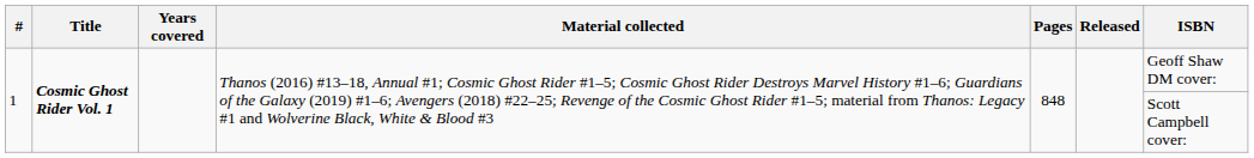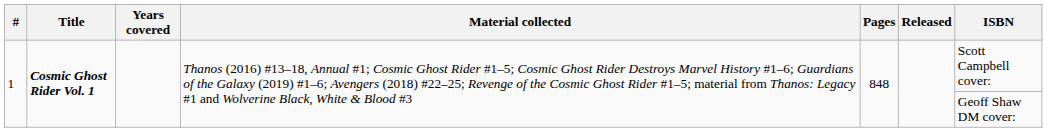 <table class="wikitable sortable" width="99%">
 <tr>
 <th class="unsortable" width="20px">#</th>
 <th>Title</th>
 <th>Years covered</th>
 <th class="unsortable">Material collected</th>
 <th>Pages</th>
 <th>Released</th>
 <th class="unsortable">ISBN</th>
 </tr>
 <tr>
 <td rowspan="2">1</td>
 <td rowspan="2"><strong><em>Cosmic Ghost Rider Vol. 1</em></strong></td>
 <td rowspan="2"></td>
 <td rowspan="2"><em>Thanos</em> (2016) #13–18, <em>Annual</em> #1; <em>Cosmic Ghost Rider</em> #1–5; <em>Cosmic Ghost Rider Destroys Marvel History</em> #1–6; <em>Guardians of the Galaxy</em> (2019) #1–6; <em>Avengers</em> (2018) #22–25; <em>Revenge of the Cosmic Ghost Rider</em> #1–5; material from <em>Thanos: Legacy</em> #1 and <em>Wolverine Black, White & Blood</em> #3</td>
 <td rowspan="2" style="text-align: center;">848</td>
 <td rowspan="2"></td>
+<td>Scott Campbell cover: </td>
+</tr>
+<tr>
 <td>Geoff Shaw DM cover: </td>
 </tr>
-<tr>
-<td>Scott Campbell cover: </td>
-</tr>
 </table>
